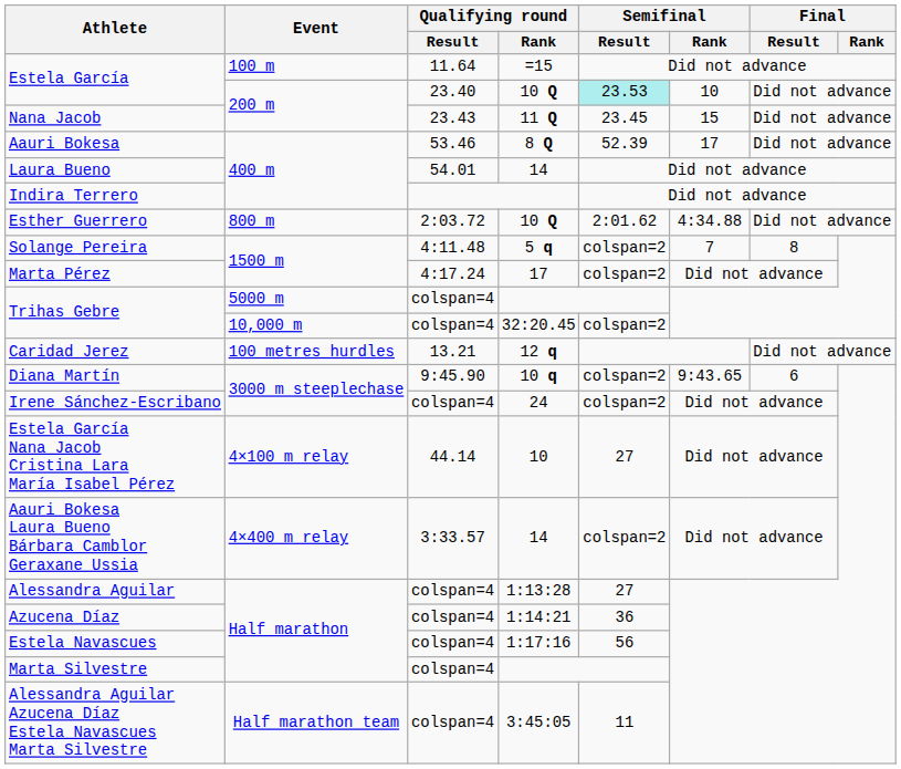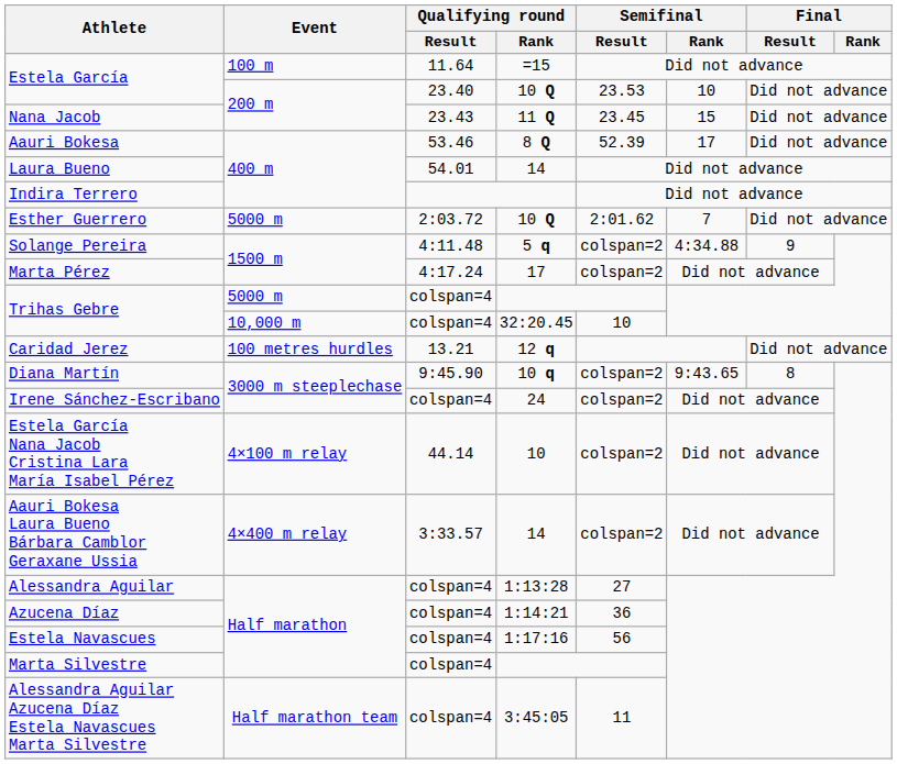 <table class="wikitable" style="font-size:90%">
 <tr>
 <th rowspan="2">Athlete</th>
 <th rowspan="2">Event</th>
 <th colspan="2">Qualifying round</th>
 <th colspan="2">Semifinal</th>
 <th colspan="2">Final</th>
 </tr>
 <tr style="font-size:95%">
 <th>Result</th>
 <th>Rank</th>
 <th>Result</th>
 <th>Rank</th>
 <th>Result</th>
 <th>Rank</th>
 </tr>
 <tr align=center>
 <td align=left rowspan=2><a href='#'>Estela García</a></td>
 <td align=left><a href='#'>100 m</a></td>
 <td>11.64</td>
 <td>=15</td>
 <td colspan=4>Did not advance</td>
 </tr>
 <tr align=center>
 <td align=left rowspan=2><a href='#'>200 m</a></td>
 <td>23.40</td>
 <td>10 <strong>Q</strong></td>
-<td style="background: paleturquoise;">23.53</td>
+<td>23.53</td>
 <td>10</td>
 <td colspan=2>Did not advance</td>
 </tr>
 <tr align=center>
 <td align=left><a href='#'>Nana Jacob</a></td>
 <td>23.43</td>
 <td>11 <strong>Q</strong></td>
 <td>23.45</td>
 <td>15</td>
 <td colspan=2>Did not advance</td>
 </tr>
 <tr align=center>
 <td align=left><a href='#'>Aauri Bokesa</a></td>
 <td align=left rowspan=3><a href='#'>400 m</a></td>
 <td>53.46</td>
 <td>8 <strong>Q</strong></td>
 <td>52.39 <strong></strong></td>
 <td>17</td>
 <td colspan=2>Did not advance</td>
 </tr>
 <tr align=center>
 <td align=left><a href='#'>Laura Bueno</a></td>
 <td>54.01</td>
 <td>14</td>
 <td colspan=4>Did not advance</td>
 </tr>
 <tr align=center>
 <td align=left><a href='#'>Indira Terrero</a></td>
 <td colspan=2></td>
 <td colspan=4>Did not advance</td>
 </tr>
 <tr align=center>
 <td align=left><a href='#'>Esther Guerrero</a></td>
-<td align=left><a href='#'>800 m</a></td>
+<td align=left><a href='#'>5000 m</a></td>
 <td>2:03.72</td>
 <td>10 <strong>Q</strong></td>
 <td>2:01.62</td>
-<td>4:34.88</td>
+<td>7</td>
 <td colspan=2>Did not advance</td>
 </tr>
 <tr align=center>
 <td align=left><a href='#'>Solange Pereira</a></td>
 <td align=left rowspan=2><a href='#'>1500 m</a></td>
 <td>4:11.48</td>
 <td>5 <strong>q</strong></td>
 <td>colspan=2 </td>
-<td>7</td>
-<td>8</td>
+<td>4:34.88</td>
+<td>9</td>
 </tr>
 <tr align=center>
 <td align=left><a href='#'>Marta Pérez</a></td>
 <td>4:17.24</td>
 <td>17</td>
 <td>colspan=2 </td>
 <td colspan=2>Did not advance</td>
 </tr>
 <tr align=center>
 <td align=left rowspan=2><a href='#'>Trihas Gebre</a></td>
 <td align=left><a href='#'>5000 m</a></td>
 <td>colspan=4 </td>
 <td colspan=2></td>
 </tr>
 <tr align=center>
 <td align=left><a href='#'>10,000 m</a></td>
 <td>colspan=4 </td>
 <td>32:20.45</td>
-<td>colspan=2 </td>
+<td>10</td>
 </tr>
 <tr align=center>
 <td align=left><a href='#'>Caridad Jerez</a></td>
 <td align=left><a href='#'>100 metres hurdles</a></td>
 <td>13.21</td>
 <td>12 <strong>q</strong></td>
 <td colspan=2></td>
 <td colspan=2>Did not advance</td>
 </tr>
 <tr align=center>
 <td align=left><a href='#'>Diana Martín</a></td>
 <td align=left rowspan=2><a href='#'>3000 m steeplechase</a></td>
 <td>9:45.90</td>
 <td>10 <strong>q</strong></td>
 <td>colspan=2 </td>
 <td>9:43.65</td>
-<td>6</td>
+<td>8</td>
 </tr>
 <tr align=center>
 <td align=left><a href='#'>Irene Sánchez-Escribano</a></td>
 <td>colspan=4 </td>
 <td>24</td>
 <td>colspan=2 </td>
 <td colspan=2>Did not advance</td>
 </tr>
 <tr align=center>
 <td align=left><a href='#'>Estela García</a><br><a href='#'>Nana Jacob</a><br><a href='#'>Cristina Lara</a><br><a href='#'>María Isabel Pérez</a></td>
 <td align=left><a href='#'>4×100 m relay</a></td>
 <td>44.14 <strong></strong></td>
 <td>10</td>
-<td>27</td>
+<td>colspan=2 </td>
 <td colspan=2>Did not advance</td>
 </tr>
 <tr align=center>
 <td align=left><a href='#'>Aauri Bokesa</a><br><a href='#'>Laura Bueno</a><br><a href='#'>Bárbara Camblor</a><br><a href='#'>Geraxane Ussia</a></td>
 <td align=left><a href='#'>4×400 m relay</a></td>
 <td>3:33.57 <strong></strong></td>
 <td>14</td>
 <td>colspan=2 </td>
 <td colspan=2>Did not advance</td>
 </tr>
 <tr align=center>
 <td align=left><a href='#'>Alessandra Aguilar</a></td>
 <td align=left rowspan=4><a href='#'>Half marathon</a></td>
 <td>colspan=4 </td>
 <td>1:13:28</td>
 <td>27</td>
 </tr>
 <tr align=center>
 <td align=left><a href='#'>Azucena Díaz</a></td>
 <td>colspan=4 </td>
 <td>1:14:21</td>
 <td>36</td>
 </tr>
 <tr align=center>
 <td align=left><a href='#'>Estela Navascues</a></td>
 <td>colspan=4 </td>
 <td>1:17:16</td>
 <td>56</td>
 </tr>
 <tr align=center>
 <td align=left><a href='#'>Marta Silvestre</a></td>
 <td>colspan=4 </td>
 <td colspan=2></td>
 </tr>
 <tr align=center>
 <td align=left><a href='#'>Alessandra Aguilar</a><br><a href='#'>Azucena Díaz</a><br><a href='#'>Estela Navascues</a><br><a href='#'>Marta Silvestre</a></td>
 <td><a href='#'>Half marathon team</a></td>
 <td>colspan=4 </td>
 <td>3:45:05</td>
 <td>11</td>
 </tr>
 </table>
